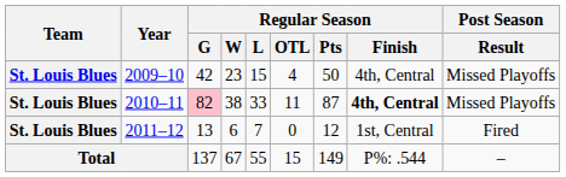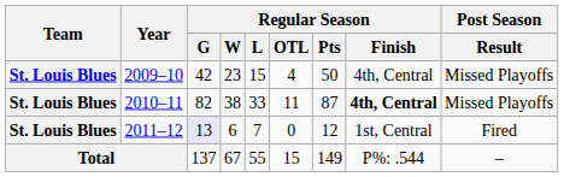 <table class="wikitable" style="font-size: 95%; text-align:center;">
 <tr>
 <th rowspan="2">Team</th>
 <th rowspan="2">Year</th>
 <th colspan="6">Regular Season</th>
 <th colspan="1">Post Season</th>
 </tr>
 <tr>
 <th>G</th>
 <th>W</th>
 <th>L</th>
 <th>OTL</th>
 <th>Pts</th>
 <th>Finish</th>
 <th>Result</th>
 </tr>
 <tr>
 <th><a href='#'>St. Louis Blues</a></th>
 <td><a href='#'>2009–10</a></td>
 <td>42</td>
 <td>23</td>
 <td>15</td>
 <td>4</td>
 <td>50</td>
 <td>4th, Central</td>
 <td>Missed Playoffs</td>
 </tr>
 <tr>
 <th>St. Louis Blues</th>
 <td><a href='#'>2010–11</a></td>
-<td style="background: pink;">82</td>
+<td>82</td>
 <td>38</td>
 <td>33</td>
 <td>11</td>
 <td>87</td>
 <td><strong>4th, Central</strong></td>
 <td>Missed Playoffs</td>
 </tr>
 <tr>
 <th>St. Louis Blues</th>
 <td><a href='#'>2011–12</a></td>
-<td>13</td>
+<td style="background: lavender;">13</td>
 <td>6</td>
 <td>7</td>
 <td>0</td>
 <td>12</td>
 <td>1st, Central</td>
 <td>Fired</td>
 </tr>
 <tr>
 <th colspan="2">Total</th>
 <td>137</td>
 <td>67</td>
 <td>55</td>
 <td>15</td>
 <td>149</td>
 <td>P%: .544</td>
 <td>–</td>
 </tr>
 </table>
